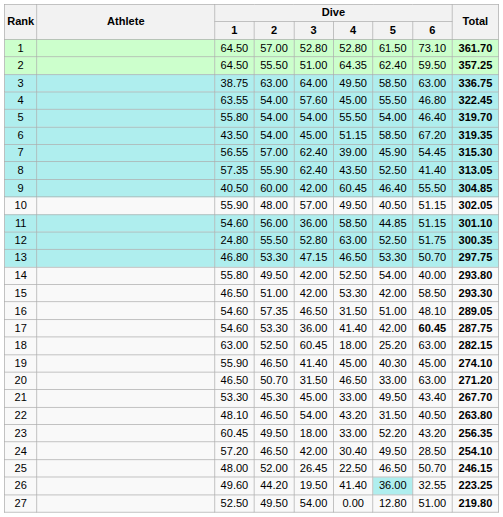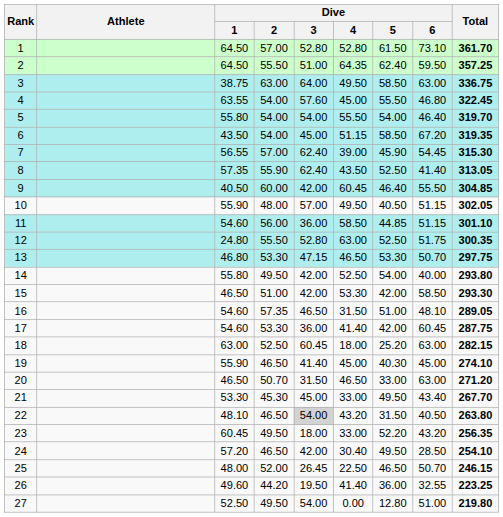 <table class="wikitable" style="text-align:center">
 <tr>
 <th rowspan="2" width="40">Rank</th>
 <th rowspan="2" width="250">Athlete</th>
 <th colspan="6">Dive</th>
 <th rowspan="2" width="60">Total</th>
 </tr>
 <tr>
 <th width="50">1</th>
 <th width="50">2</th>
 <th width="50">3</th>
 <th width="50">4</th>
 <th width="50">5</th>
 <th width="50">6</th>
 </tr>
 <tr bgcolor="ccffcc">
 <td>1</td>
 <td align="left"></td>
 <td>64.50</td>
 <td>57.00</td>
 <td>52.80</td>
 <td>52.80</td>
 <td>61.50</td>
 <td>73.10</td>
 <td><strong>361.70</strong></td>
 </tr>
 <tr bgcolor="ccffcc">
 <td>2</td>
 <td align="left"></td>
 <td>64.50</td>
 <td>55.50</td>
 <td>51.00</td>
 <td>64.35</td>
 <td>62.40</td>
 <td>59.50</td>
 <td><strong>357.25</strong></td>
 </tr>
 <tr bgcolor="#afeeee">
 <td>3</td>
 <td align="left"></td>
 <td>38.75</td>
 <td>63.00</td>
 <td>64.00</td>
 <td>49.50</td>
 <td>58.50</td>
 <td>63.00</td>
 <td><strong>336.75</strong></td>
 </tr>
 <tr bgcolor="#afeeee">
 <td>4</td>
 <td align="left"></td>
 <td>63.55</td>
 <td>54.00</td>
 <td>57.60</td>
 <td>45.00</td>
 <td>55.50</td>
 <td>46.80</td>
 <td><strong>322.45</strong></td>
 </tr>
 <tr bgcolor="#afeeee">
 <td>5</td>
 <td align="left"></td>
 <td>55.80</td>
 <td>54.00</td>
 <td>54.00</td>
 <td>55.50</td>
 <td>54.00</td>
 <td>46.40</td>
 <td><strong>319.70</strong></td>
 </tr>
 <tr bgcolor="#afeeee">
 <td>6</td>
 <td align="left"></td>
 <td>43.50</td>
 <td>54.00</td>
 <td>45.00</td>
 <td>51.15</td>
 <td>58.50</td>
 <td>67.20</td>
 <td><strong>319.35</strong></td>
 </tr>
 <tr bgcolor="#afeeee">
 <td>7</td>
 <td align="left"></td>
 <td>56.55</td>
 <td>57.00</td>
 <td>62.40</td>
 <td>39.00</td>
 <td>45.90</td>
 <td>54.45</td>
 <td><strong>315.30</strong></td>
 </tr>
 <tr bgcolor="#afeeee">
 <td>8</td>
 <td align="left"></td>
 <td>57.35</td>
 <td>55.90</td>
 <td>62.40</td>
 <td>43.50</td>
 <td>52.50</td>
 <td>41.40</td>
 <td><strong>313.05</strong></td>
 </tr>
 <tr bgcolor="#afeeee">
 <td>9</td>
 <td align="left"></td>
 <td>40.50</td>
 <td>60.00</td>
 <td>42.00</td>
 <td>60.45</td>
 <td>46.40</td>
 <td>55.50</td>
 <td><strong>304.85</strong></td>
 </tr>
 <tr>
 <td>10</td>
 <td align="left"></td>
 <td>55.90</td>
 <td>48.00</td>
 <td>57.00</td>
 <td>49.50</td>
 <td>40.50</td>
 <td>51.15</td>
 <td><strong>302.05</strong></td>
 </tr>
 <tr bgcolor="#afeeee">
 <td>11</td>
 <td align="left"></td>
 <td>54.60</td>
 <td>56.00</td>
 <td>36.00</td>
 <td>58.50</td>
 <td>44.85</td>
 <td>51.15</td>
 <td><strong>301.10</strong></td>
 </tr>
 <tr bgcolor="#afeeee">
 <td>12</td>
 <td align="left"></td>
 <td>24.80</td>
 <td>55.50</td>
 <td>52.80</td>
 <td>63.00</td>
 <td>52.50</td>
 <td>51.75</td>
 <td><strong>300.35</strong></td>
 </tr>
 <tr bgcolor="#afeeee">
 <td>13</td>
 <td align="left"></td>
 <td>46.80</td>
 <td>53.30</td>
 <td>47.15</td>
 <td>46.50</td>
 <td>53.30</td>
 <td>50.70</td>
 <td><strong>297.75</strong></td>
 </tr>
 <tr>
 <td>14</td>
 <td align="left"></td>
 <td>55.80</td>
 <td>49.50</td>
 <td>42.00</td>
 <td>52.50</td>
 <td>54.00</td>
 <td>40.00</td>
 <td><strong>293.80</strong></td>
 </tr>
 <tr>
 <td>15</td>
 <td align="left"></td>
 <td>46.50</td>
 <td>51.00</td>
 <td>42.00</td>
 <td>53.30</td>
 <td>42.00</td>
 <td>58.50</td>
 <td><strong>293.30</strong></td>
 </tr>
 <tr>
 <td>16</td>
 <td align="left"></td>
 <td>54.60</td>
 <td>57.35</td>
 <td>46.50</td>
 <td>31.50</td>
 <td>51.00</td>
 <td>48.10</td>
 <td><strong>289.05</strong></td>
 </tr>
 <tr>
 <td>17</td>
 <td align="left"></td>
 <td>54.60</td>
 <td>53.30</td>
 <td>36.00</td>
 <td>41.40</td>
 <td>42.00</td>
-<td><strong>60.45</strong></td>
+<td>60.45</td>
 <td><strong>287.75</strong></td>
 </tr>
 <tr>
 <td>18</td>
 <td align="left"></td>
 <td>63.00</td>
 <td>52.50</td>
 <td>60.45</td>
 <td>18.00</td>
 <td>25.20</td>
 <td>63.00</td>
 <td><strong>282.15</strong></td>
 </tr>
 <tr>
 <td>19</td>
 <td align="left"></td>
 <td>55.90</td>
 <td>46.50</td>
 <td>41.40</td>
 <td>45.00</td>
 <td>40.30</td>
 <td>45.00</td>
 <td><strong>274.10</strong></td>
 </tr>
 <tr>
 <td>20</td>
 <td align="left"></td>
 <td>46.50</td>
 <td>50.70</td>
 <td>31.50</td>
 <td>46.50</td>
 <td>33.00</td>
 <td>63.00</td>
 <td><strong>271.20</strong></td>
 </tr>
 <tr>
 <td>21</td>
 <td align="left"></td>
 <td>53.30</td>
 <td>45.30</td>
 <td>45.00</td>
 <td>33.00</td>
 <td>49.50</td>
 <td>43.40</td>
 <td><strong>267.70</strong></td>
 </tr>
 <tr>
 <td>22</td>
 <td align="left"></td>
 <td>48.10</td>
 <td>46.50</td>
-<td>54.00</td>
+<td style="background: lightgrey;">54.00</td>
 <td>43.20</td>
 <td>31.50</td>
 <td>40.50</td>
 <td><strong>263.80</strong></td>
 </tr>
 <tr>
 <td>23</td>
 <td align="left"></td>
 <td>60.45</td>
 <td>49.50</td>
 <td>18.00</td>
 <td>33.00</td>
 <td>52.20</td>
 <td>43.20</td>
 <td><strong>256.35</strong></td>
 </tr>
 <tr>
 <td>24</td>
 <td align="left"></td>
 <td>57.20</td>
 <td>46.50</td>
 <td>42.00</td>
 <td>30.40</td>
 <td>49.50</td>
 <td>28.50</td>
 <td><strong>254.10</strong></td>
 </tr>
 <tr>
 <td>25</td>
 <td align="left"></td>
 <td>48.00</td>
 <td>52.00</td>
 <td>26.45</td>
 <td>22.50</td>
 <td>46.50</td>
 <td>50.70</td>
 <td><strong>246.15</strong></td>
 </tr>
 <tr>
 <td>26</td>
 <td align="left"></td>
 <td>49.60</td>
 <td>44.20</td>
 <td>19.50</td>
 <td>41.40</td>
-<td style="background: paleturquoise;">36.00</td>
+<td>36.00</td>
 <td>32.55</td>
 <td><strong>223.25</strong></td>
 </tr>
 <tr>
 <td>27</td>
 <td align="left"></td>
 <td>52.50</td>
 <td>49.50</td>
 <td>54.00</td>
 <td>0.00</td>
 <td>12.80</td>
 <td>51.00</td>
 <td><strong>219.80</strong></td>
 </tr>
 </table>
